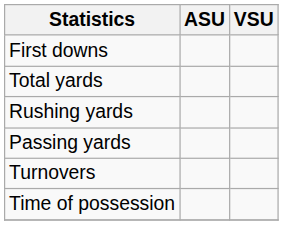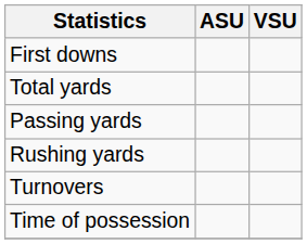 <table class="wikitable">
 <tr>
 <th>Statistics</th>
 <th>ASU</th>
 <th>VSU</th>
 </tr>
 <tr>
 <td>First downs</td>
 <td></td>
 <td></td>
 </tr>
 <tr>
 <td>Total yards</td>
 <td></td>
 <td></td>
 </tr>
 <tr>
-<td>Rushing yards</td>
+<td>Passing yards</td>
 <td></td>
 <td></td>
 </tr>
 <tr>
-<td>Passing yards</td>
+<td>Rushing yards</td>
 <td></td>
 <td></td>
 </tr>
 <tr>
 <td>Turnovers</td>
 <td></td>
 <td></td>
 </tr>
 <tr>
 <td>Time of possession</td>
 <td></td>
 <td></td>
 </tr>
 <tr>
 </tr>
 </table>
